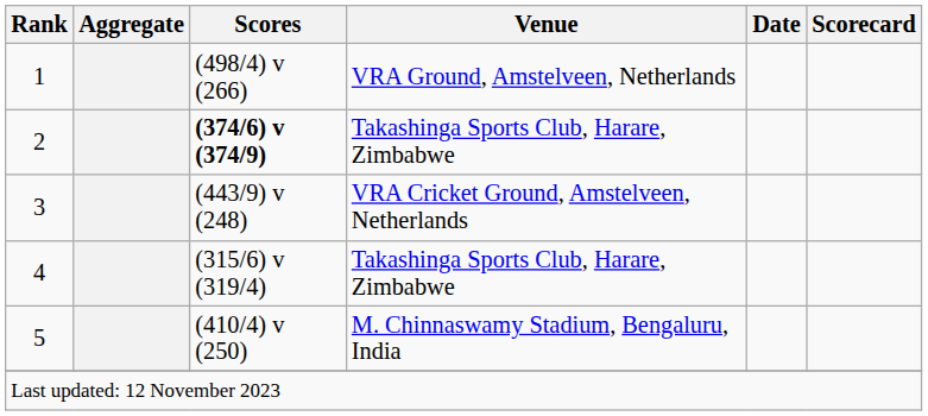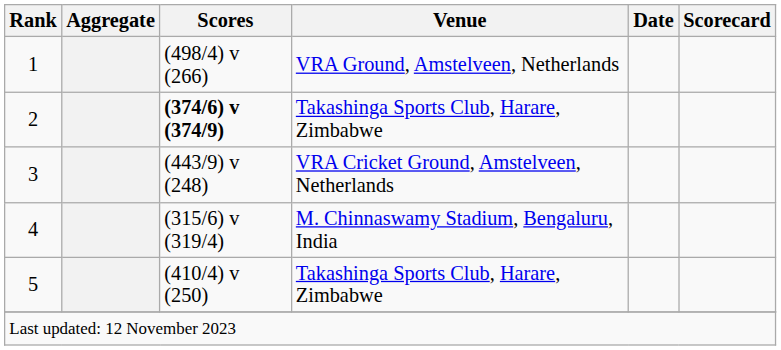 <table class="wikitable plainrowheaders sortable">
 <tr>
 <th scope=col>Rank</th>
 <th scope=col>Aggregate</th>
 <th scope=col>Scores</th>
 <th scope=col>Venue</th>
 <th scope=col>Date</th>
 <th scope=col>Scorecard</th>
 </tr>
 <tr>
 <td align=center>1</td>
 <th scope=row style=text-align:center;></th>
 <td> (498/4) v  (266)</td>
 <td><a href='#'>VRA Ground</a>, <a href='#'>Amstelveen</a>, Netherlands</td>
 <td></td>
 <td></td>
 </tr>
 <tr>
 <td align=center>2</td>
 <th scope=row style=text-align:center;></th>
 <td><strong> (374/6) v  (374/9)</strong></td>
 <td><a href='#'>Takashinga Sports Club</a>, <a href='#'>Harare</a>, Zimbabwe</td>
 <td> </td>
 <td></td>
 </tr>
 <tr>
 <td align=center>3</td>
 <th scope=row style=text-align:center;></th>
 <td> (443/9) v  (248)</td>
 <td><a href='#'>VRA Cricket Ground</a>, <a href='#'>Amstelveen</a>, Netherlands</td>
 <td></td>
 <td></td>
 </tr>
 <tr>
 <td align=center>4</td>
 <th scope=row style=text-align:center;></th>
 <td> (315/6) v  (319/4)</td>
-<td><a href='#'>Takashinga Sports Club</a>, <a href='#'>Harare</a>, Zimbabwe</td>
+<td><a href='#'>M. Chinnaswamy Stadium</a>, <a href='#'>Bengaluru</a>, India</td>
 <td> </td>
 <td></td>
 </tr>
 <tr>
 <td align=center>5</td>
 <th scope=row style=text-align:center;></th>
 <td> (410/4) v  (250)</td>
-<td><a href='#'>M. Chinnaswamy Stadium</a>, <a href='#'>Bengaluru</a>, India</td>
+<td><a href='#'>Takashinga Sports Club</a>, <a href='#'>Harare</a>, Zimbabwe</td>
 <td> </td>
 <td></td>
 </tr>
 <tr>
 </tr>
 <tr class=sortbottom>
 <td colspan=6><small>Last updated: 12 November 2023</small></td>
 </tr>
 </table>
